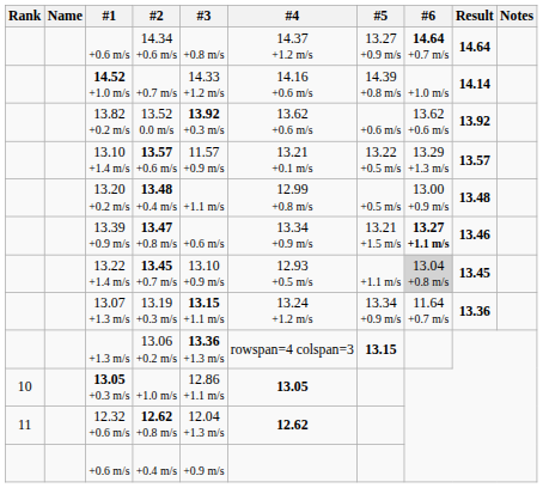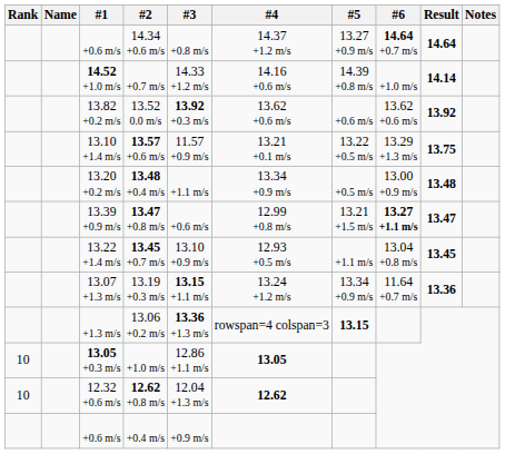 <table class="wikitable sortable" style="text-align:center">
 <tr>
 <th>Rank</th>
 <th>Name</th>
 <th>#1</th>
 <th>#2</th>
 <th>#3</th>
 <th>#4</th>
 <th>#5</th>
 <th>#6</th>
 <th>Result</th>
 <th>Notes</th>
 </tr>
 <tr>
 <td></td>
 <td align="left"></td>
 <td><br><small>+0.6 m/s</small></td>
 <td>14.34<br><small>+0.6 m/s</small></td>
 <td><br><small>+0.8 m/s</small></td>
 <td>14.37<br><small>+1.2 m/s</small></td>
 <td>13.27<br><small>+0.9 m/s</small></td>
 <td><strong>14.64</strong><br><small>+0.7 m/s</small></td>
 <td><strong>14.64</strong></td>
 <td></td>
 </tr>
 <tr>
 <td></td>
 <td align="left"></td>
 <td><strong>14.52</strong><br><small>+1.0 m/s</small></td>
 <td><br><small>+0.7 m/s</small></td>
 <td>14.33<br><small>+1.2 m/s</small></td>
 <td>14.16<br><small>+0.6 m/s</small></td>
 <td>14.39<br><small>+0.8 m/s</small></td>
 <td><br><small>+1.0 m/s</small></td>
 <td><strong>14.14</strong></td>
 <td></td>
 </tr>
 <tr>
 <td></td>
 <td align="left"></td>
 <td>13.82<br><small>+0.2 m/s</small></td>
 <td>13.52<br><small>0.0 m/s</small></td>
 <td><strong>13.92</strong><br><small>+0.3 m/s</small></td>
 <td>13.62<br><small>+0.6 m/s</small></td>
 <td><br><small>+0.6 m/s</small></td>
 <td>13.62<br><small>+0.6 m/s</small></td>
 <td><strong>13.92</strong></td>
 <td></td>
 </tr>
 <tr>
 <td></td>
 <td align="left"></td>
 <td>13.10<br><small>+1.4 m/s</small></td>
 <td><strong>13.57</strong><br><small>+0.6 m/s</small></td>
 <td>11.57<br><small>+0.9 m/s</small></td>
 <td>13.21<br><small>+0.1 m/s</small></td>
 <td>13.22<br><small>+0.5 m/s</small></td>
 <td>13.29<br><small>+1.3 m/s</small></td>
-<td><strong>13.57</strong></td>
+<td><strong>13.75</strong></td>
 <td></td>
 </tr>
 <tr>
 <td></td>
 <td align="left"></td>
 <td>13.20<br><small>+0.2 m/s</small></td>
 <td><strong>13.48</strong><br><small>+0.4 m/s</small></td>
 <td><br><small>+1.1 m/s</small></td>
-<td>12.99<br><small>+0.8 m/s</small></td>
+<td>13.34<br><small>+0.9 m/s</small></td>
 <td><br><small>+0.5 m/s</small></td>
 <td>13.00<br><small>+0.9 m/s</small></td>
 <td><strong>13.48</strong></td>
 <td></td>
 </tr>
 <tr>
 <td></td>
 <td align="left"></td>
 <td>13.39<br><small>+0.9 m/s</small></td>
 <td><strong>13.47</strong><br><small>+0.8 m/s</small></td>
 <td><br><small>+0.6 m/s</small></td>
-<td>13.34<br><small>+0.9 m/s</small></td>
+<td>12.99<br><small>+0.8 m/s</small></td>
 <td>13.21<br><small>+1.5 m/s</small></td>
 <td><strong>13.27<br><small>+1.1 m/s</small></strong></td>
-<td><strong>13.46</strong></td>
+<td><strong>13.47</strong></td>
 <td></td>
 </tr>
 <tr>
 <td></td>
 <td align="left"></td>
 <td>13.22<br><small>+1.4 m/s</small></td>
 <td><strong>13.45</strong><br><small>+0.7 m/s</small></td>
 <td>13.10<br><small>+0.9 m/s</small></td>
 <td>12.93<br><small>+0.5 m/s</small></td>
 <td><br><small>+1.1 m/s</small></td>
-<td style="background: lightgrey;">13.04<br><small>+0.8 m/s</small></td>
+<td>13.04<br><small>+0.8 m/s</small></td>
 <td><strong>13.45</strong></td>
 <td></td>
 </tr>
 <tr>
 <td></td>
 <td align="left"></td>
 <td>13.07<br><small>+1.3 m/s</small></td>
 <td>13.19<br><small>+0.3 m/s</small></td>
 <td><strong>13.15</strong><br><small>+1.1 m/s</small></td>
 <td>13.24<br><small>+1.2 m/s</small></td>
 <td>13.34<br><small>+0.9 m/s</small></td>
 <td>11.64<br><small>+0.7 m/s</small></td>
 <td><strong>13.36</strong></td>
 <td></td>
 </tr>
 <tr>
 <td></td>
 <td align="left"></td>
 <td><br><small>+1.3 m/s</small></td>
 <td>13.06<br><small>+0.2 m/s</small></td>
 <td><strong>13.36</strong><br><small>+1.3 m/s</small></td>
 <td>rowspan=4 colspan=3 </td>
 <td><strong>13.15</strong></td>
 <td></td>
 </tr>
 <tr>
 <td>10</td>
 <td align="left"></td>
 <td><strong>13.05</strong><br><small>+0.3 m/s</small></td>
 <td><br><small>+1.0 m/s</small></td>
 <td>12.86<br><small>+1.1 m/s</small></td>
 <td><strong>13.05</strong></td>
 <td></td>
 </tr>
 <tr>
-<td>11</td>
+<td>10</td>
 <td align="left"></td>
 <td>12.32<br><small>+0.6 m/s</small></td>
 <td><strong>12.62</strong><br><small>+0.8 m/s</small></td>
 <td>12.04<br><small>+1.3 m/s</small></td>
 <td><strong>12.62</strong></td>
 <td></td>
 </tr>
 <tr>
 <td></td>
 <td align="left"></td>
 <td><br><small>+0.6 m/s</small></td>
 <td><br><small>+0.4 m/s</small></td>
 <td><br><small>+0.9 m/s</small></td>
 <td><strong></strong></td>
 <td></td>
 </tr>
 </table>
